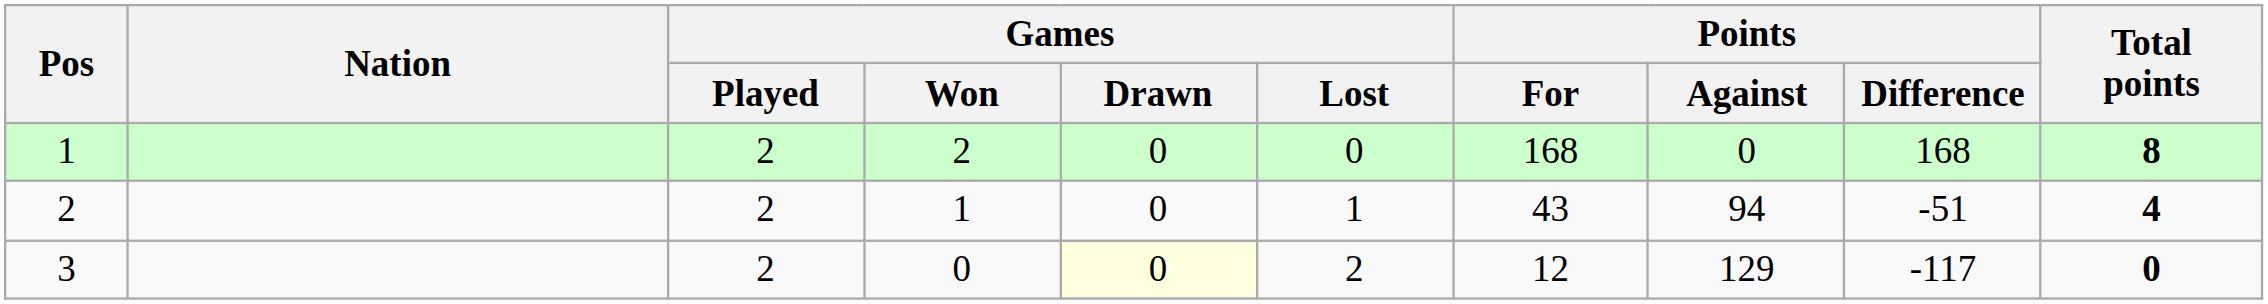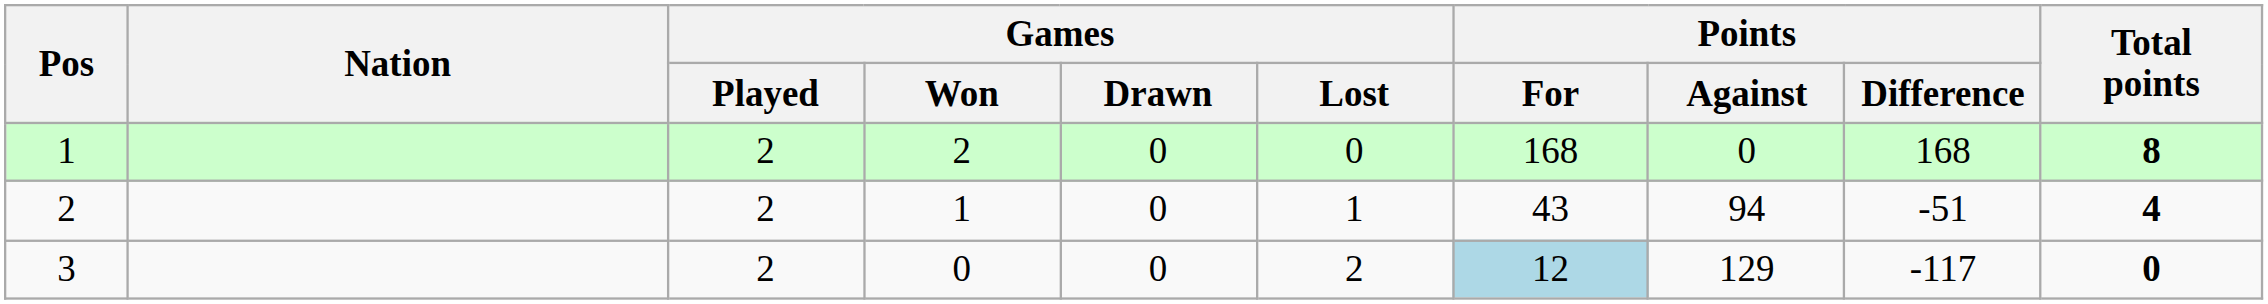 <table class="wikitable" style="text-align:center">
 <tr>
 <th rowspan="2" style="width:5%;">Pos</th>
 <th rowspan="2" style="width:22%;">Nation</th>
 <th colspan="4" style="width:32%;">Games</th>
 <th colspan="3" style="width:32%;">Points</th>
 <th rowspan="2" style="width:9%;">Total<br>points</th>
 </tr>
 <tr>
 <th style="width:8%;">Played</th>
 <th style="width:8%;">Won</th>
 <th style="width:8%;">Drawn</th>
 <th style="width:8%;">Lost</th>
 <th style="width:8%;">For</th>
 <th style="width:8%;">Against</th>
 <th style="width:8%;">Difference</th>
 </tr>
 <tr bgcolor="#ccffcc">
 <td>1</td>
 <td align="left"></td>
 <td>2</td>
 <td>2</td>
 <td>0</td>
 <td>0</td>
 <td>168</td>
 <td>0</td>
 <td>168</td>
 <td><strong>8</strong></td>
 </tr>
 <tr>
 <td>2</td>
 <td align="left"></td>
 <td>2</td>
 <td>1</td>
 <td>0</td>
 <td>1</td>
 <td>43</td>
 <td>94</td>
 <td>-51</td>
 <td><strong>4</strong></td>
 </tr>
 <tr>
 <td>3</td>
 <td></td>
 <td>2</td>
 <td>0</td>
-<td style="background: lightyellow;">0</td>
+<td>0</td>
 <td>2</td>
-<td>12</td>
+<td style="background: lightblue;">12</td>
 <td>129</td>
 <td>-117</td>
 <td><strong>0</strong></td>
 </tr>
 </table>
